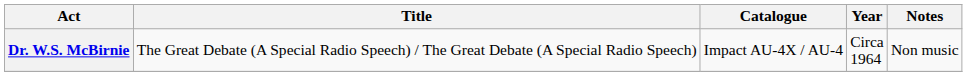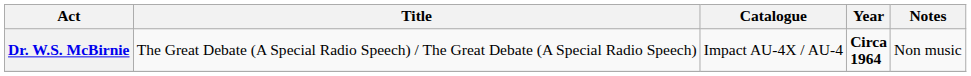 <table class="wikitable plainrowheaders sortable">
 <tr>
 <th scope="col">Act</th>
 <th scope="col">Title</th>
 <th scope="col">Catalogue</th>
 <th scope="col">Year</th>
 <th scope="col" class="unsortable">Notes</th>
 </tr>
 <tr>
 <th scope="row"><a href='#'>Dr. W.S. McBirnie</a></th>
 <td>The Great Debate (A Special Radio Speech) / The Great Debate (A Special Radio Speech)</td>
 <td>Impact  AU-4X / AU-4</td>
-<td>Circa<br>1964</td>
+<td><strong>Circa<br>1964</strong></td>
 <td>Non music</td>
 </tr>
 <tr>
 </tr>
 </table>
